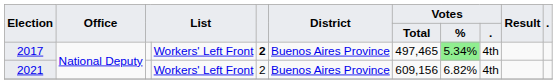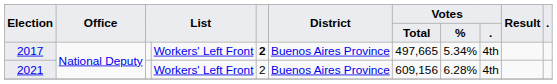 <table class="wikitable" style="font-size:90%; text-align:center;">
 <tr>
 <th style="background-color:#EAECF0;" rowspan=2>Election</th>
 <th style="background-color:#EAECF0;" rowspan=2>Office</th>
 <th style="background-color:#EAECF0;" colspan=2 rowspan=2>List</th>
 <th style="background-color:#EAECF0;" rowspan=2></th>
 <th style="background-color:#EAECF0;" rowspan=2>District</th>
 <th style="background-color:#EAECF0;" colspan=3>Votes</th>
 <th style="background-color:#EAECF0;" rowspan=2>Result</th>
 <th style="background-color:#EAECF0;" rowspan=2>.</th>
 </tr>
 <tr>
 <th style="background-color:#EAECF0;">Total</th>
 <th style="background-color:#EAECF0;">%</th>
 <th style="background-color:#EAECF0;">.</th>
 </tr>
 <tr>
 <td style="background-color:#EAECF0;"><a href='#'>2017</a></td>
 <td rowspan="2"><a href='#'>National Deputy</a></td>
 <td style="background-color:"></td>
 <td><a href='#'>Workers' Left Front</a></td>
 <td><strong>2</strong></td>
 <td><a href='#'>Buenos Aires Province</a></td>
-<td>497,465</td>
-<td style="background: lightgreen;">5.34%</td>
+<td>497,665</td>
+<td>5.34%</td>
 <td>4th</td>
 <td></td>
 <td></td>
 </tr>
 <tr>
 <td style="background-color:#EAECF0;"><a href='#'>2021</a></td>
 <td style="background-color:"></td>
 <td><a href='#'>Workers' Left Front</a></td>
 <td>2</td>
 <td><a href='#'>Buenos Aires Province</a></td>
 <td>609,156</td>
-<td>6.82%</td>
+<td>6.28%</td>
 <td>4th</td>
 <td></td>
 <td></td>
 </tr>
 <tr>
 </tr>
 </table>
